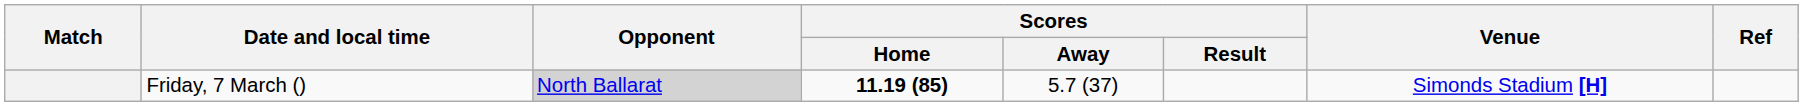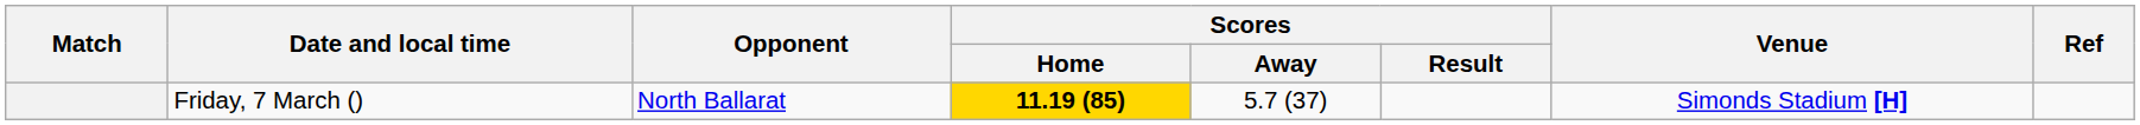 <table class="wikitable plainrowheaders" style="font-size:90%; width:100%; text-align:center;">
 <tr>
 <th scope="col" rowspan=2>Match</th>
 <th scope="col" rowspan=2>Date and local time</th>
 <th scope="col" rowspan=2>Opponent</th>
 <th scope="col" colspan=3>Scores</th>
 <th scope="col" rowspan=2>Venue</th>
 <th scope="col" rowspan=2>Ref</th>
 </tr>
 <tr>
 <th scope="col">Home</th>
 <th scope="col">Away</th>
 <th scope="col">Result</th>
 </tr>
 <tr>
 <th scope="row"></th>
 <td align=left>Friday, 7 March ()</td>
-<td align=left style="background: lightgrey;"><a href='#'>North Ballarat</a></td>
-<td><strong>11.19 (85)</strong></td>
+<td align=left><a href='#'>North Ballarat</a></td>
+<td style="background: gold;"><strong>11.19 (85)</strong></td>
 <td>5.7 (37)</td>
 <td></td>
 <td><a href='#'>Simonds Stadium</a> <span></span><a href='#'><strong>[H]</strong></a></td>
 <td></td>
 </tr>
 </table>
